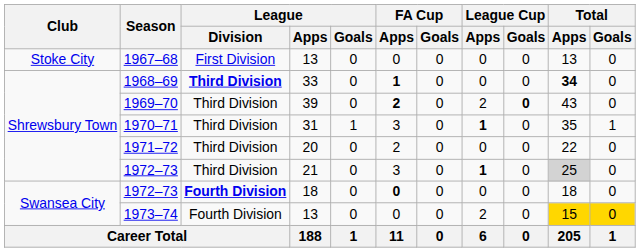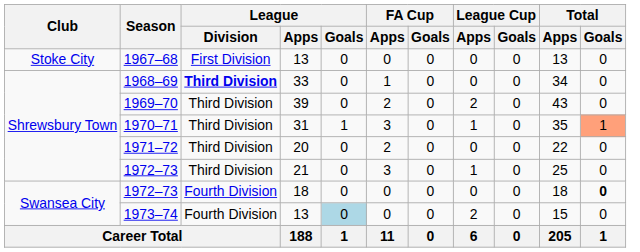 <table class="wikitable" style="text-align: center;">
 <tr>
 <th rowspan="2">Club</th>
 <th rowspan="2">Season</th>
 <th colspan="3">League</th>
 <th colspan="2">FA Cup</th>
 <th colspan="2">League Cup</th>
 <th colspan="2">Total</th>
 </tr>
 <tr>
 <th>Division</th>
 <th>Apps</th>
 <th>Goals</th>
 <th>Apps</th>
 <th>Goals</th>
 <th>Apps</th>
 <th>Goals</th>
 <th>Apps</th>
 <th>Goals</th>
 </tr>
 <tr>
 <td><a href='#'>Stoke City</a></td>
 <td><a href='#'>1967–68</a></td>
 <td><a href='#'>First Division</a></td>
 <td>13</td>
 <td>0</td>
 <td>0</td>
 <td>0</td>
 <td>0</td>
 <td>0</td>
 <td>13</td>
 <td>0</td>
 </tr>
 <tr>
 <td rowspan="5"><a href='#'>Shrewsbury Town</a></td>
 <td><a href='#'>1968–69</a></td>
 <td><strong><a href='#'>Third Division</a></strong></td>
 <td>33</td>
 <td>0</td>
-<td><strong>1</strong></td>
+<td>1</td>
 <td>0</td>
 <td>0</td>
 <td>0</td>
-<td><strong>34</strong></td>
+<td>34</td>
 <td>0</td>
 </tr>
 <tr>
 <td><a href='#'>1969–70</a></td>
 <td>Third Division</td>
 <td>39</td>
 <td>0</td>
-<td><strong>2</strong></td>
+<td>2</td>
 <td>0</td>
 <td>2</td>
-<td><strong>0</strong></td>
+<td>0</td>
 <td>43</td>
 <td>0</td>
 </tr>
 <tr>
 <td><a href='#'>1970–71</a></td>
 <td>Third Division</td>
 <td>31</td>
 <td>1</td>
 <td>3</td>
 <td>0</td>
-<td><strong>1</strong></td>
+<td>1</td>
 <td>0</td>
 <td>35</td>
-<td>1</td>
+<td style="background: lightsalmon;">1</td>
 </tr>
 <tr>
 <td><a href='#'>1971–72</a></td>
 <td>Third Division</td>
 <td>20</td>
 <td>0</td>
 <td>2</td>
 <td>0</td>
 <td>0</td>
 <td>0</td>
 <td>22</td>
 <td>0</td>
 </tr>
 <tr>
 <td><a href='#'>1972–73</a></td>
 <td>Third Division</td>
 <td>21</td>
 <td>0</td>
 <td>3</td>
 <td>0</td>
-<td><strong>1</strong></td>
+<td>1</td>
 <td>0</td>
-<td style="background: lightgrey;">25</td>
+<td>25</td>
 <td>0</td>
 </tr>
 <tr>
 <td rowspan="2"><a href='#'>Swansea City</a></td>
 <td><a href='#'>1972–73</a></td>
-<td><strong><a href='#'>Fourth Division</a></strong></td>
+<td><a href='#'>Fourth Division</a></td>
 <td>18</td>
 <td>0</td>
-<td><strong>0</strong></td>
+<td>0</td>
 <td>0</td>
 <td>0</td>
 <td>0</td>
 <td>18</td>
-<td>0</td>
+<td><strong>0</strong></td>
 </tr>
 <tr>
 <td><a href='#'>1973–74</a></td>
 <td>Fourth Division</td>
 <td>13</td>
-<td>0</td>
+<td style="background: lightblue;">0</td>
 <td>0</td>
 <td>0</td>
 <td>2</td>
 <td>0</td>
-<td style="background: gold;">15</td>
-<td style="background: gold;">0</td>
+<td>15</td>
+<td>0</td>
 </tr>
 <tr>
 <th colspan="3">Career Total</th>
 <th>188</th>
 <th>1</th>
 <th>11</th>
 <th>0</th>
 <th>6</th>
 <th>0</th>
 <th>205</th>
 <th>1</th>
 </tr>
 </table>
